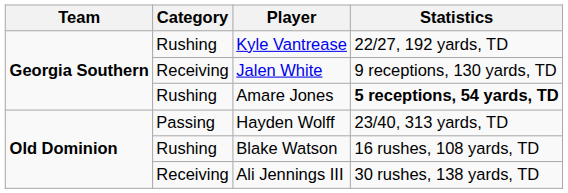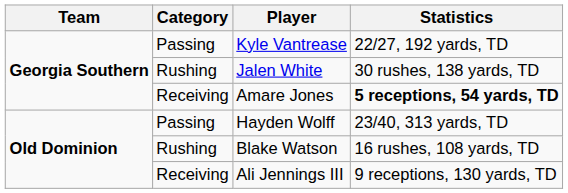 <table class="wikitable" style="float: right;">
 <tr>
 <th>Team</th>
 <th>Category</th>
 <th>Player</th>
 <th>Statistics</th>
 </tr>
 <tr>
 <td rowspan=3><strong>Georgia Southern</strong></td>
-<td>Rushing</td>
+<td>Passing</td>
 <td><a href='#'>Kyle Vantrease</a></td>
 <td>22/27, 192 yards, TD</td>
 </tr>
 <tr>
-<td>Receiving</td>
+<td>Rushing</td>
 <td><a href='#'>Jalen White</a></td>
-<td>9 receptions, 130 yards, TD</td>
+<td>30 rushes, 138 yards, TD</td>
 </tr>
 <tr>
-<td>Rushing</td>
+<td>Receiving</td>
 <td>Amare Jones</td>
 <td><strong>5 receptions, 54 yards, TD</strong></td>
 </tr>
 <tr>
 <td rowspan=3><strong>Old Dominion</strong></td>
 <td>Passing</td>
 <td>Hayden Wolff</td>
 <td>23/40, 313 yards, TD</td>
 </tr>
 <tr>
 <td>Rushing</td>
 <td>Blake Watson</td>
 <td>16 rushes, 108 yards, TD</td>
 </tr>
 <tr>
 <td>Receiving</td>
 <td>Ali Jennings III</td>
-<td>30 rushes, 138 yards, TD</td>
+<td>9 receptions, 130 yards, TD</td>
 </tr>
 </table>
